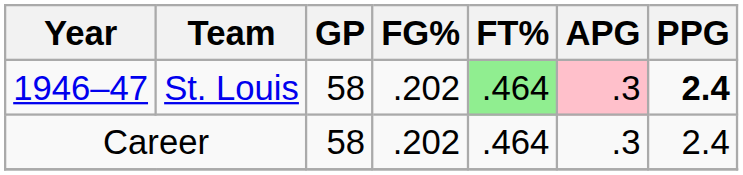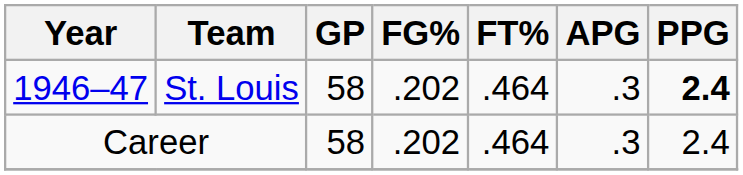 <table class="wikitable sortable" style="font-size:95%; text-align:right;">
 <tr>
 <th>Year</th>
 <th>Team</th>
 <th>GP</th>
 <th>FG%</th>
 <th>FT%</th>
 <th>APG</th>
 <th>PPG</th>
 </tr>
 <tr>
 <td style="text-align:left;"><a href='#'>1946–47</a></td>
 <td style="text-align:left;"><a href='#'>St. Louis</a></td>
 <td>58</td>
 <td>.202</td>
-<td style="background: lightgreen;">.464</td>
-<td style="background: pink;">.3</td>
+<td>.464</td>
+<td>.3</td>
 <td><strong>2.4</strong></td>
 </tr>
 <tr>
 <td style="text-align:center;" colspan="2">Career</td>
 <td>58</td>
 <td>.202</td>
 <td>.464</td>
 <td>.3</td>
 <td>2.4</td>
 </tr>
 <tr>
 </tr>
 </table>
